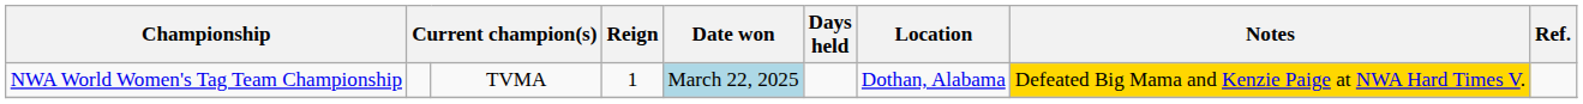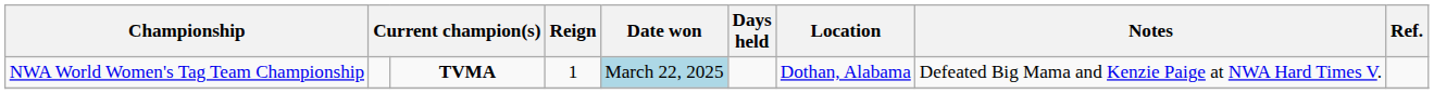 <table class="wikitable sortable" style="text-align: center; font-size:85%;">
 <tr>
 <th>Championship</th>
 <th colspan=2>Current champion(s)</th>
 <th>Reign</th>
 <th>Date won</th>
 <th>Days<br>held</th>
 <th>Location</th>
 <th>Notes</th>
 <th>Ref.</th>
 </tr>
 <tr>
 <td align="center"><a href='#'>NWA World Women's Tag Team Championship</a></td>
 <td align="center"><br></td>
-<td align="center">TVMA<br></td>
+<td align="center"><strong>TVMA<br></strong></td>
 <td align="center">1<br></td>
 <td align="center" style="background: lightblue;">March 22, 2025</td>
 <td align="center"></td>
 <td align="center"><a href='#'>Dothan, Alabama</a></td>
-<td align=left style="background: gold;">Defeated Big Mama and <a href='#'>Kenzie Paige</a> at <a href='#'>NWA Hard Times V</a>.</td>
+<td align=left>Defeated Big Mama and <a href='#'>Kenzie Paige</a> at <a href='#'>NWA Hard Times V</a>.</td>
 <td></td>
 </tr>
 <tr>
 </tr>
 </table>
